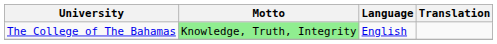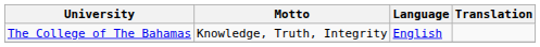 <table class="wikitable sortable plainrowheaders">
 <tr>
 <th>University</th>
 <th>Motto</th>
 <th>Language</th>
 <th>Translation</th>
 </tr>
 <tr>
 <td><a href='#'>The College of The Bahamas</a></td>
-<td style="background: lightgreen;">Knowledge, Truth, Integrity</td>
+<td>Knowledge, Truth, Integrity</td>
 <td><a href='#'>English</a></td>
 <td></td>
 </tr>
 <tr>
 </tr>
 </table>
